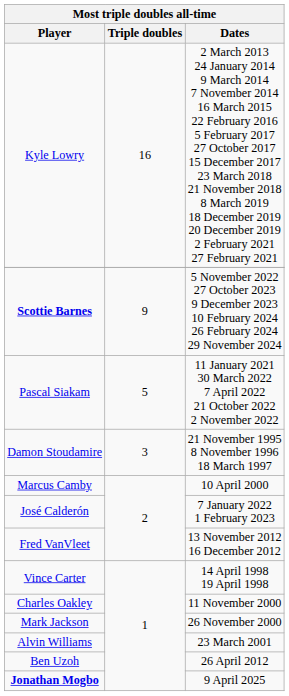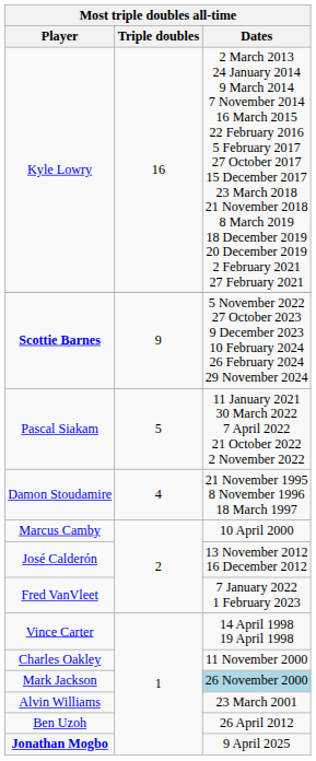 <table class="wikitable" style="text-align:center">
 <tr>
 <th colspan="3">Most triple doubles all-time</th>
 </tr>
 <tr>
 <th>Player</th>
 <th>Triple doubles</th>
 <th>Dates</th>
 </tr>
 <tr>
 <td><a href='#'>Kyle Lowry</a></td>
 <td>16</td>
 <td>2 March 2013<br>24 January 2014<br>9 March 2014<br>7 November 2014<br>16 March 2015<br>22 February 2016<br>5 February 2017<br>27 October 2017<br>15 December 2017<br>23 March 2018<br>21 November 2018<br>8 March 2019<br>18 December 2019<br>20 December 2019<br>2 February 2021<br>27 February 2021</td>
 </tr>
 <tr>
 </tr>
 <tr>
 <td><strong><a href='#'>Scottie Barnes</a></strong></td>
 <td>9</td>
 <td>5 November 2022<br> 27 October 2023<br> 9 December 2023<br> 10 February 2024<br> 26 February 2024<br> 29 November 2024</td>
 </tr>
 <tr>
 <td><a href='#'>Pascal Siakam</a></td>
 <td>5</td>
 <td>11 January 2021<br>30 March 2022<br>7 April 2022<br> 21 October 2022<br>2 November 2022</td>
 </tr>
 <tr>
 <td><a href='#'>Damon Stoudamire</a></td>
-<td>3</td>
+<td>4</td>
 <td>21 November 1995<br>8 November 1996<br>18 March 1997</td>
 </tr>
 <tr>
 <td><a href='#'>Marcus Camby</a></td>
 <td rowspan=3>2</td>
 <td>10 April 2000</td>
 </tr>
 <tr>
 <td><a href='#'>José Calderón</a></td>
-<td>7 January 2022<br> 1 February 2023</td>
+<td>13 November 2012<br>16 December 2012</td>
 </tr>
 <tr>
 <td><a href='#'>Fred VanVleet</a></td>
-<td>13 November 2012<br>16 December 2012</td>
+<td>7 January 2022<br> 1 February 2023</td>
 </tr>
 <tr>
 <td><a href='#'>Vince Carter</a></td>
 <td rowspan=6>1</td>
 <td>14 April 1998<br>19 April 1998</td>
 </tr>
 <tr>
 <td><a href='#'>Charles Oakley</a></td>
 <td>11 November 2000</td>
 </tr>
 <tr>
 <td><a href='#'>Mark Jackson</a></td>
-<td>26 November 2000</td>
+<td style="background: lightblue;">26 November 2000</td>
 </tr>
 <tr>
 <td><a href='#'>Alvin Williams</a></td>
 <td>23 March 2001</td>
 </tr>
 <tr>
 <td><a href='#'>Ben Uzoh</a></td>
 <td>26 April 2012</td>
 </tr>
 <tr>
 <td><strong><a href='#'>Jonathan Mogbo</a></strong></td>
 <td>9 April 2025</td>
 </tr>
 </table>
